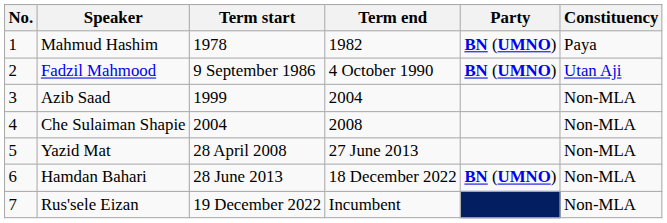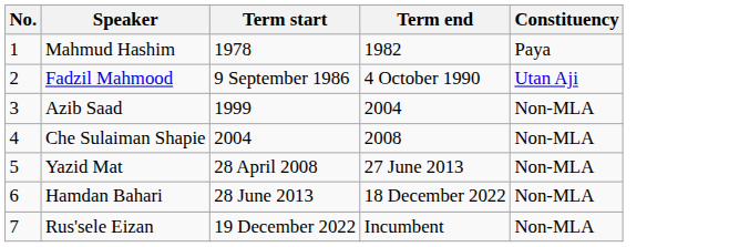 <table class=wikitable>
 <tr>
 <th>No.</th>
 <th>Speaker</th>
 <th>Term start</th>
 <th>Term end</th>
-<th>Party</th>
 <th>Constituency</th>
 </tr>
 <tr>
 <td>1</td>
 <td>Mahmud Hashim</td>
 <td>1978</td>
 <td>1982</td>
-<td><strong><a href='#'>BN</a></strong> (<strong><a href='#'>UMNO</a></strong>)</td>
 <td>Paya</td>
 </tr>
 <tr>
 <td>2</td>
 <td><a href='#'>Fadzil Mahmood</a></td>
 <td>9 September 1986</td>
 <td>4 October 1990</td>
-<td><strong><a href='#'>BN</a></strong> (<strong><a href='#'>UMNO</a></strong>)</td>
 <td><a href='#'>Utan Aji</a></td>
 </tr>
 <tr>
 <td>3</td>
 <td>Azib Saad</td>
 <td>1999</td>
 <td>2004</td>
-<td></td>
 <td>Non-MLA</td>
 </tr>
 <tr>
 <td>4</td>
 <td>Che Sulaiman Shapie</td>
 <td>2004</td>
 <td>2008</td>
-<td></td>
 <td>Non-MLA</td>
 </tr>
 <tr>
 <td>5</td>
 <td>Yazid Mat</td>
 <td>28 April 2008</td>
 <td>27 June 2013</td>
-<td></td>
 <td>Non-MLA</td>
 </tr>
 <tr>
 <td>6</td>
 <td>Hamdan Bahari</td>
 <td>28 June 2013</td>
 <td>18 December 2022</td>
-<td><strong><a href='#'>BN</a></strong> (<strong><a href='#'>UMNO</a></strong>)</td>
 <td>Non-MLA</td>
 </tr>
 <tr>
 <td>7</td>
 <td>Rus'sele Eizan</td>
 <td>19 December 2022</td>
 <td>Incumbent</td>
-<td bgcolor=#031e61></td>
 <td>Non-MLA</td>
 </tr>
 </table>
